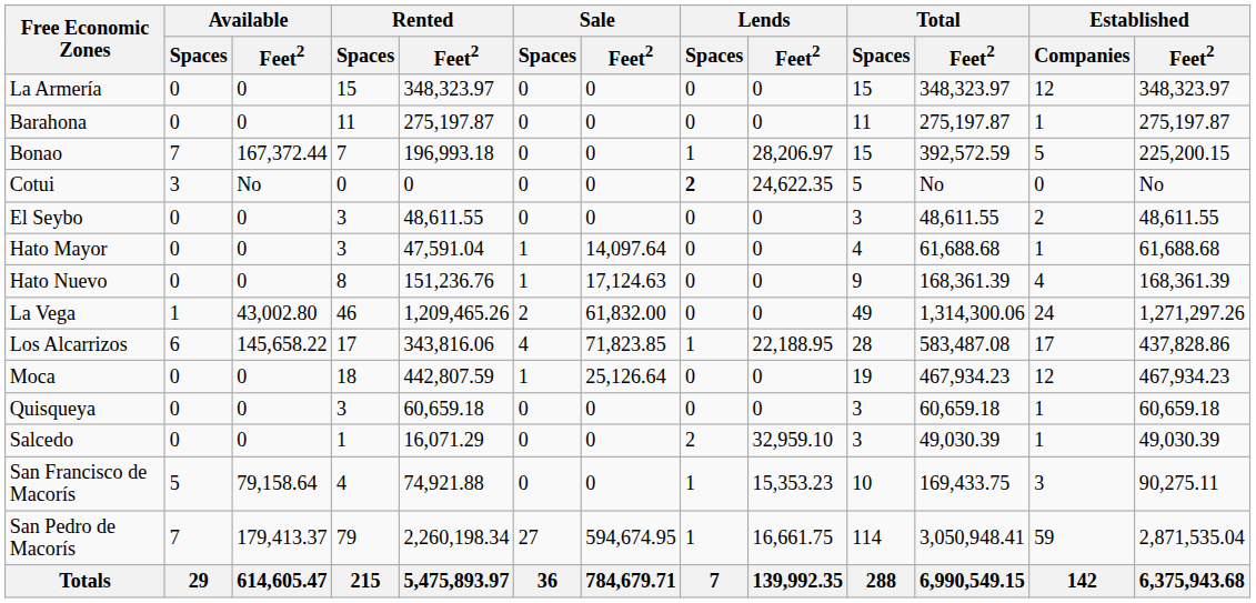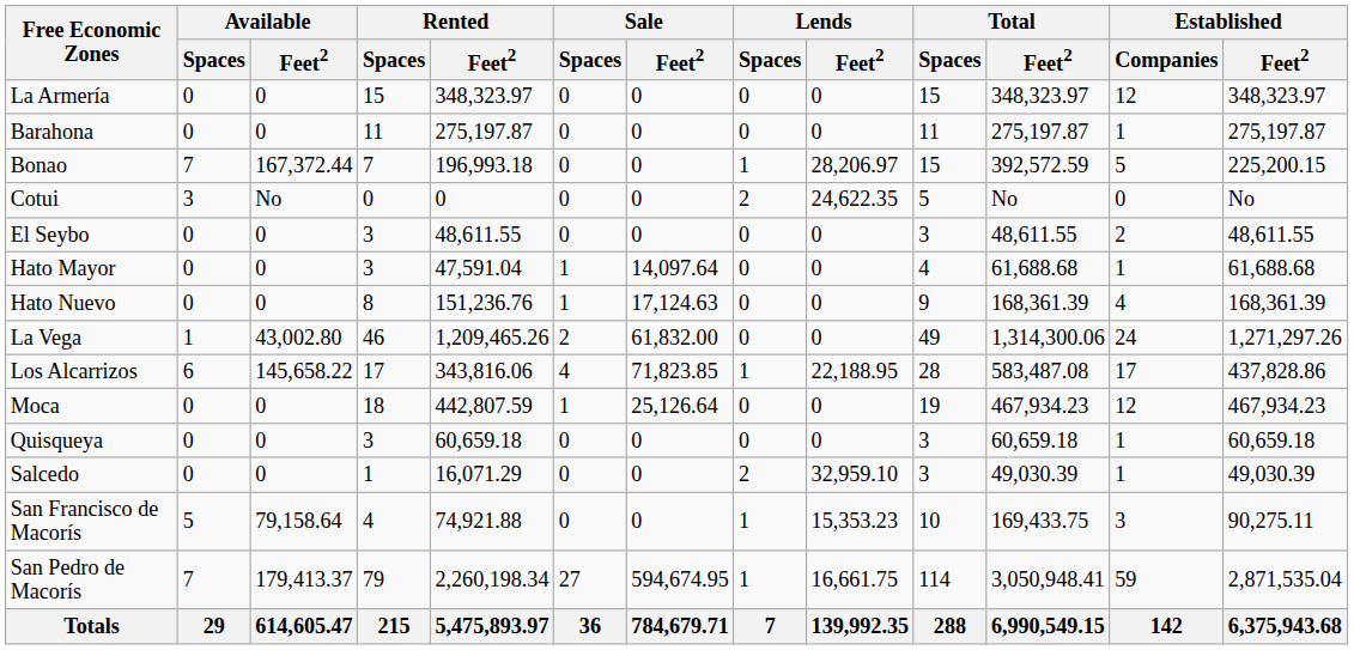 <table class="wikitable col1izq col2cen col3cen col4cen col5cen col6cen col7cen">
 <tr>
 <th width="120px" rowspan="2">Free Economic Zones</th>
 <th colspan="2">Available</th>
 <th colspan="2">Rented</th>
 <th colspan="2">Sale</th>
 <th colspan="2">Lends</th>
 <th colspan="2">Total</th>
 <th colspan="2">Established</th>
 </tr>
 <tr>
 <th>Spaces</th>
 <th>Feet<sup>2</sup></th>
 <th>Spaces</th>
 <th>Feet<sup>2</sup></th>
 <th>Spaces</th>
 <th>Feet<sup>2</sup></th>
 <th>Spaces</th>
 <th>Feet<sup>2</sup></th>
 <th>Spaces</th>
 <th>Feet<sup>2</sup></th>
 <th>Companies</th>
 <th>Feet<sup>2</sup></th>
 </tr>
 <tr>
 <td>La Armería</td>
 <td>0</td>
 <td>0</td>
 <td>15</td>
 <td>348,323.97</td>
 <td>0</td>
 <td>0</td>
 <td>0</td>
 <td>0</td>
 <td>15</td>
 <td>348,323.97</td>
 <td>12</td>
 <td>348,323.97</td>
 </tr>
 <tr>
 <td>Barahona</td>
 <td>0</td>
 <td>0</td>
 <td>11</td>
 <td>275,197.87</td>
 <td>0</td>
 <td>0</td>
 <td>0</td>
 <td>0</td>
 <td>11</td>
 <td>275,197.87</td>
 <td>1</td>
 <td>275,197.87</td>
 </tr>
 <tr>
 <td>Bonao</td>
 <td>7</td>
 <td>167,372.44</td>
 <td>7</td>
 <td>196,993.18</td>
 <td>0</td>
 <td>0</td>
 <td>1</td>
 <td>28,206.97</td>
 <td>15</td>
 <td>392,572.59</td>
 <td>5</td>
 <td>225,200.15</td>
 </tr>
 <tr>
 <td>Cotui</td>
 <td>3</td>
 <td>No</td>
 <td>0</td>
 <td>0</td>
 <td>0</td>
 <td>0</td>
-<td><strong>2</strong></td>
+<td>2</td>
 <td>24,622.35</td>
 <td>5</td>
 <td>No</td>
 <td>0</td>
 <td>No</td>
 </tr>
 <tr>
 <td>El Seybo</td>
 <td>0</td>
 <td>0</td>
 <td>3</td>
 <td>48,611.55</td>
 <td>0</td>
 <td>0</td>
 <td>0</td>
 <td>0</td>
 <td>3</td>
 <td>48,611.55</td>
 <td>2</td>
 <td>48,611.55</td>
 </tr>
 <tr>
 <td>Hato Mayor</td>
 <td>0</td>
 <td>0</td>
 <td>3</td>
 <td>47,591.04</td>
 <td>1</td>
 <td>14,097.64</td>
 <td>0</td>
 <td>0</td>
 <td>4</td>
 <td>61,688.68</td>
 <td>1</td>
 <td>61,688.68</td>
 </tr>
 <tr>
 <td>Hato Nuevo</td>
 <td>0</td>
 <td>0</td>
 <td>8</td>
 <td>151,236.76</td>
 <td>1</td>
 <td>17,124.63</td>
 <td>0</td>
 <td>0</td>
 <td>9</td>
 <td>168,361.39</td>
 <td>4</td>
 <td>168,361.39</td>
 </tr>
 <tr>
 <td>La Vega</td>
 <td>1</td>
 <td>43,002.80</td>
 <td>46</td>
 <td>1,209,465.26</td>
 <td>2</td>
 <td>61,832.00</td>
 <td>0</td>
 <td>0</td>
 <td>49</td>
 <td>1,314,300.06</td>
 <td>24</td>
 <td>1,271,297.26</td>
 </tr>
 <tr>
 <td>Los Alcarrizos</td>
 <td>6</td>
 <td>145,658.22</td>
 <td>17</td>
 <td>343,816.06</td>
 <td>4</td>
 <td>71,823.85</td>
 <td>1</td>
 <td>22,188.95</td>
 <td>28</td>
 <td>583,487.08</td>
 <td>17</td>
 <td>437,828.86</td>
 </tr>
 <tr>
 <td>Moca</td>
 <td>0</td>
 <td>0</td>
 <td>18</td>
 <td>442,807.59</td>
 <td>1</td>
 <td>25,126.64</td>
 <td>0</td>
 <td>0</td>
 <td>19</td>
 <td>467,934.23</td>
 <td>12</td>
 <td>467,934.23</td>
 </tr>
 <tr>
 <td>Quisqueya</td>
 <td>0</td>
 <td>0</td>
 <td>3</td>
 <td>60,659.18</td>
 <td>0</td>
 <td>0</td>
 <td>0</td>
 <td>0</td>
 <td>3</td>
 <td>60,659.18</td>
 <td>1</td>
 <td>60,659.18</td>
 </tr>
 <tr>
 <td>Salcedo</td>
 <td>0</td>
 <td>0</td>
 <td>1</td>
 <td>16,071.29</td>
 <td>0</td>
 <td>0</td>
 <td>2</td>
 <td>32,959.10</td>
 <td>3</td>
 <td>49,030.39</td>
 <td>1</td>
 <td>49,030.39</td>
 </tr>
 <tr>
 <td>San Francisco de Macorís</td>
 <td>5</td>
 <td>79,158.64</td>
 <td>4</td>
 <td>74,921.88</td>
 <td>0</td>
 <td>0</td>
 <td>1</td>
 <td>15,353.23</td>
 <td>10</td>
 <td>169,433.75</td>
 <td>3</td>
 <td>90,275.11</td>
 </tr>
 <tr>
 <td>San Pedro de Macorís</td>
 <td>7</td>
 <td>179,413.37</td>
 <td>79</td>
 <td>2,260,198.34</td>
 <td>27</td>
 <td>594,674.95</td>
 <td>1</td>
 <td>16,661.75</td>
 <td>114</td>
 <td>3,050,948.41</td>
 <td>59</td>
 <td>2,871,535.04</td>
 </tr>
 <tr>
 <th>Totals</th>
 <th>29</th>
 <th>614,605.47</th>
 <th>215</th>
 <th>5,475,893.97</th>
 <th>36</th>
 <th>784,679.71</th>
 <th>7</th>
 <th>139,992.35</th>
 <th>288</th>
 <th>6,990,549.15</th>
 <th>142</th>
 <th>6,375,943.68</th>
 </tr>
 </table>
